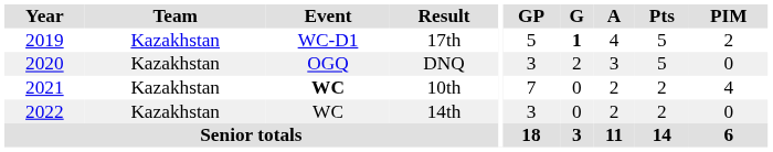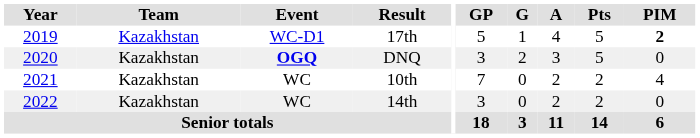 <table border="0" cellpadding="1" cellspacing="0" ID="Table3" style="text-align:center; width:40em">
 <tr ALIGN="center" bgcolor="#e0e0e0">
 <th>Year</th>
 <th>Team</th>
 <th>Event</th>
 <th>Result</th>
 <th rowspan="99" bgcolor="#ffffff"></th>
 <th>GP</th>
 <th>G</th>
 <th>A</th>
 <th>Pts</th>
 <th>PIM</th>
 </tr>
 <tr ALIGN="center">
 <td><a href='#'>2019</a></td>
 <td><a href='#'>Kazakhstan</a></td>
 <td><a href='#'>WC-D1</a></td>
 <td>17th</td>
 <td>5</td>
-<td><strong>1</strong></td>
+<td>1</td>
 <td>4</td>
 <td>5</td>
-<td>2</td>
+<td><strong>2</strong></td>
 </tr>
 <tr bgcolor="#f0f0f0">
 <td><a href='#'>2020</a></td>
 <td>Kazakhstan</td>
-<td><a href='#'>OGQ</a></td>
+<td><strong><a href='#'>OGQ</a></strong></td>
 <td>DNQ</td>
 <td>3</td>
 <td>2</td>
 <td>3</td>
 <td>5</td>
 <td>0</td>
 </tr>
 <tr>
 <td><a href='#'>2021</a></td>
 <td>Kazakhstan</td>
-<td><strong>WC</strong></td>
+<td>WC</td>
 <td>10th</td>
 <td>7</td>
 <td>0</td>
 <td>2</td>
 <td>2</td>
 <td>4</td>
 </tr>
 <tr bgcolor="#f0f0f0">
 <td><a href='#'>2022</a></td>
 <td>Kazakhstan</td>
 <td>WC</td>
 <td>14th</td>
 <td>3</td>
 <td>0</td>
 <td>2</td>
 <td>2</td>
 <td>0</td>
 </tr>
 <tr style="background:#e0e0e0;">
 <th colspan=4>Senior totals</th>
 <th>18</th>
 <th>3</th>
 <th>11</th>
 <th>14</th>
 <th>6</th>
 </tr>
 </table>
